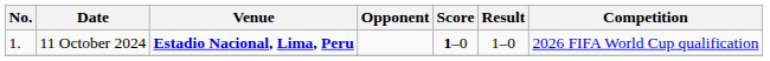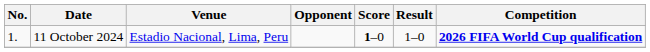 <table class="wikitable">
 <tr>
 <th>No.</th>
 <th>Date</th>
 <th>Venue</th>
 <th>Opponent</th>
 <th>Score</th>
 <th>Result</th>
 <th>Competition</th>
 </tr>
 <tr>
 <td>1.</td>
 <td>11 October 2024</td>
-<td><strong><a href='#'>Estadio Nacional</a>, <a href='#'>Lima</a>, <a href='#'>Peru</a></strong></td>
+<td><a href='#'>Estadio Nacional</a>, <a href='#'>Lima</a>, <a href='#'>Peru</a></td>
 <td></td>
 <td align=center><strong>1</strong>–0</td>
 <td align=center>1–0</td>
-<td><a href='#'>2026 FIFA World Cup qualification</a></td>
+<td><strong><a href='#'>2026 FIFA World Cup qualification</a></strong></td>
 </tr>
 <tr>
 </tr>
 </table>
